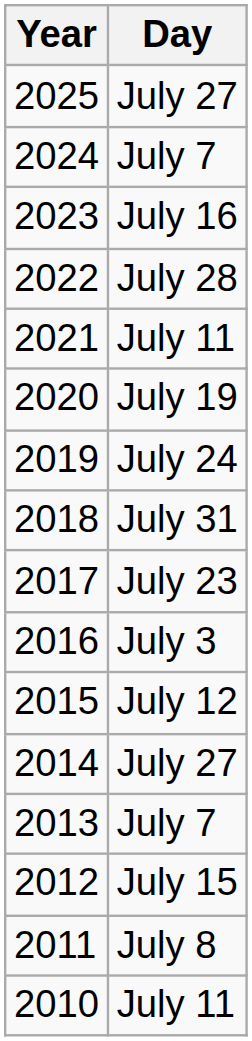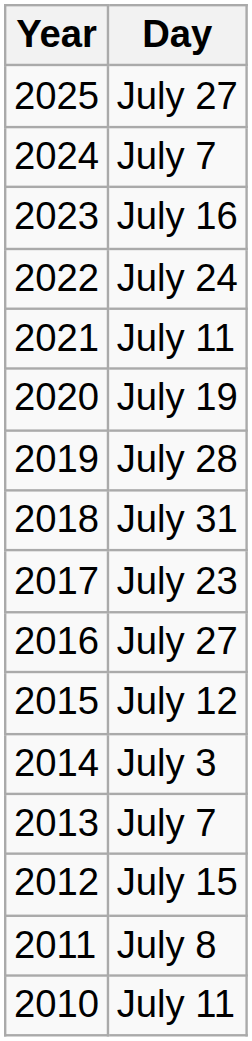 <table class="wikitable">
 <tr>
 <th>Year</th>
 <th>Day</th>
 </tr>
 <tr>
 <td>2025</td>
 <td>July 27</td>
 </tr>
 <tr>
 <td>2024</td>
 <td>July 7</td>
 </tr>
 <tr>
 <td>2023</td>
 <td>July 16</td>
 </tr>
 <tr>
 <td>2022</td>
-<td>July 28</td>
+<td>July 24</td>
 </tr>
 <tr>
 <td>2021</td>
 <td>July 11</td>
 </tr>
 <tr>
 <td>2020</td>
 <td>July 19</td>
 </tr>
 <tr>
 <td>2019</td>
-<td>July 24</td>
+<td>July 28</td>
 </tr>
 <tr>
 <td>2018</td>
 <td>July 31</td>
 </tr>
 <tr>
 <td>2017</td>
 <td>July 23</td>
 </tr>
 <tr>
 <td>2016</td>
-<td>July 3</td>
+<td>July 27</td>
 </tr>
 <tr>
 <td>2015</td>
 <td>July 12</td>
 </tr>
 <tr>
 <td>2014</td>
-<td>July 27</td>
+<td>July 3</td>
 </tr>
 <tr>
 <td>2013</td>
 <td>July 7</td>
 </tr>
 <tr>
 <td>2012</td>
 <td>July 15</td>
 </tr>
 <tr>
 <td>2011</td>
 <td>July 8</td>
 </tr>
 <tr>
 <td>2010</td>
 <td>July 11</td>
 </tr>
 </table>
